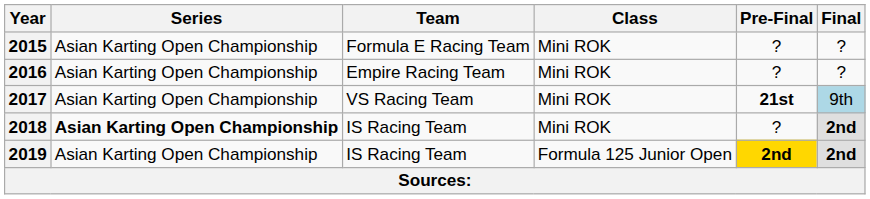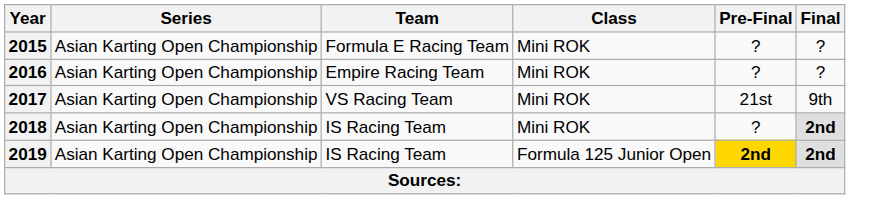 <table class="wikitable" style="text-align:center; font-size:90%">
 <tr>
 <th>Year</th>
 <th>Series</th>
 <th>Team</th>
 <th>Class</th>
 <th>Pre-Final</th>
 <th>Final</th>
 </tr>
 <tr>
 <th>2015</th>
 <td align="left">Asian Karting Open Championship</td>
 <td align="left">Formula E Racing Team</td>
 <td align="left">Mini ROK</td>
 <td>?</td>
 <td>?</td>
 </tr>
 <tr>
 <th>2016</th>
 <td align="left">Asian Karting Open Championship</td>
 <td align="left">Empire Racing Team</td>
 <td align="left">Mini ROK</td>
 <td>?</td>
 <td>?</td>
 </tr>
 <tr>
 <th>2017</th>
 <td align="left">Asian Karting Open Championship</td>
 <td align="left">VS Racing Team</td>
 <td align="left">Mini ROK</td>
-<td><strong>21st</strong></td>
-<td style="background: lightblue;">9th</td>
+<td>21st</td>
+<td>9th</td>
 </tr>
 <tr>
 <th>2018</th>
-<td align="left"><strong>Asian Karting Open Championship</strong></td>
+<td align="left">Asian Karting Open Championship</td>
 <td align="left">IS Racing Team</td>
 <td align="left">Mini ROK</td>
 <td>?</td>
 <td style="background:#DFDFDF"><strong>2nd</strong></td>
 </tr>
 <tr>
 <th>2019</th>
 <td align="left">Asian Karting Open Championship</td>
 <td align="left">IS Racing Team</td>
 <td align="left">Formula 125 Junior Open</td>
 <td style="background: gold;"><strong>2nd</strong></td>
 <td style="background:#DFDFDF"><strong>2nd</strong></td>
 </tr>
 <tr>
 <th colspan="6">Sources:</th>
 </tr>
 </table>
